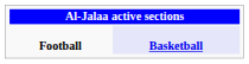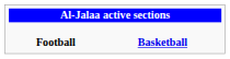 <table class="infobox" style="width: 20em; font-size: 95%em;">
 <tr style="color:#FFFFFF; background:#0000FF; text-align:center;">
 <th colspan="3">Al-Jalaa active sections</th>
 </tr>
 <tr style="text-align: center">
 <td><br><strong>Football</strong></td>
-<td style="background: lavender;"><br><strong><a href='#'>Basketball</a></strong></td>
+<td><br><strong><a href='#'>Basketball</a></strong></td>
 </tr>
 </table>
